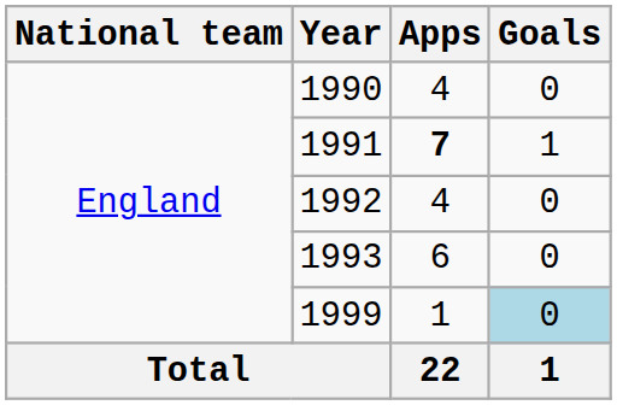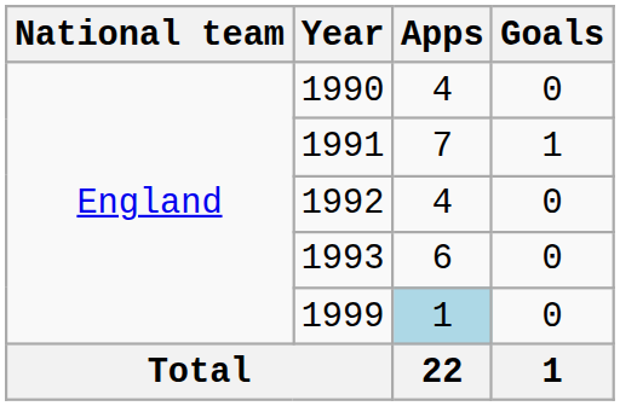 <table class="wikitable" style="text-align:center">
 <tr>
 <th>National team</th>
 <th>Year</th>
 <th>Apps</th>
 <th>Goals</th>
 </tr>
 <tr>
 <td rowspan="5"><a href='#'>England</a></td>
 <td>1990</td>
 <td>4</td>
 <td>0</td>
 </tr>
 <tr>
 <td>1991</td>
-<td><strong>7</strong></td>
+<td>7</td>
 <td>1</td>
 </tr>
 <tr>
 <td>1992</td>
 <td>4</td>
 <td>0</td>
 </tr>
 <tr>
 <td>1993</td>
 <td>6</td>
 <td>0</td>
 </tr>
 <tr>
 <td>1999</td>
-<td>1</td>
-<td style="background: lightblue;">0</td>
+<td style="background: lightblue;">1</td>
+<td>0</td>
 </tr>
 <tr>
 <th colspan="2">Total</th>
 <th>22</th>
 <th>1</th>
 </tr>
 </table>
